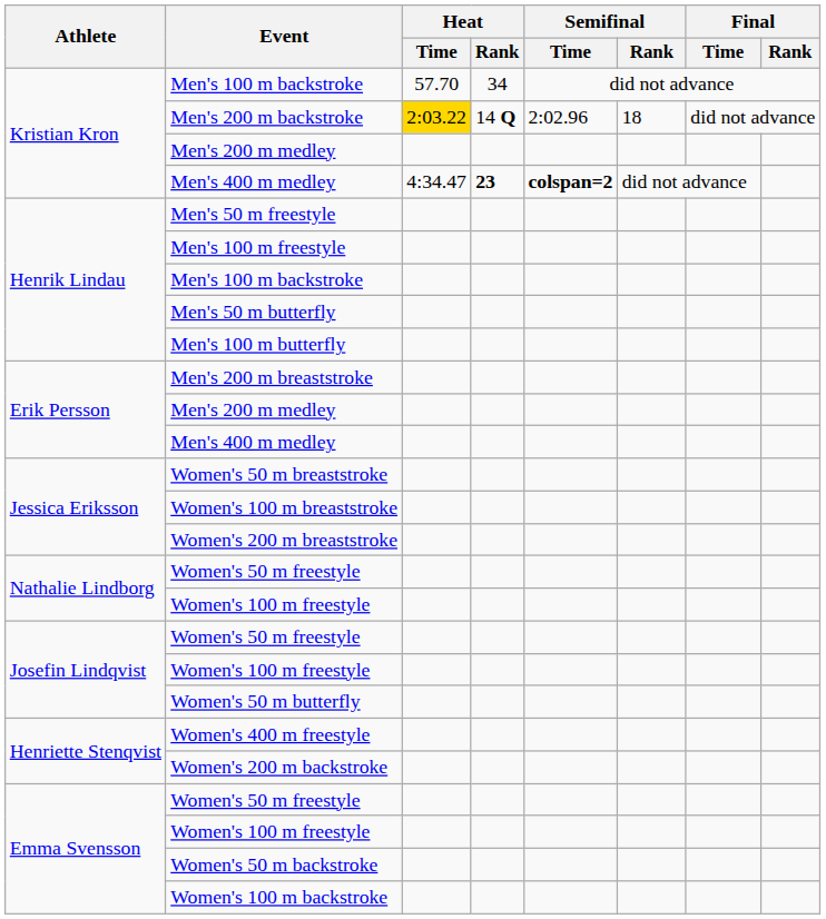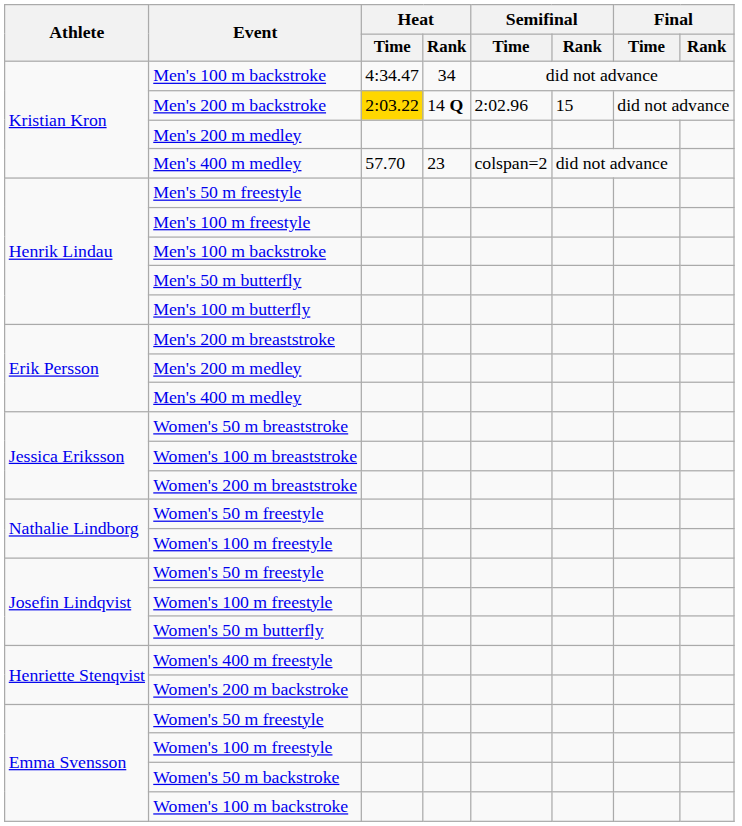 <table class=wikitable style="font-size:90%">
 <tr>
 <th rowspan=2>Athlete</th>
 <th rowspan=2>Event</th>
 <th colspan=2>Heat</th>
 <th colspan=2>Semifinal</th>
 <th colspan=2>Final</th>
 </tr>
 <tr style="font-size:95%">
 <th>Time</th>
 <th>Rank</th>
 <th>Time</th>
 <th>Rank</th>
 <th>Time</th>
 <th>Rank</th>
 </tr>
 <tr align=center>
 <td align=left rowspan=4><a href='#'>Kristian Kron</a></td>
 <td align=left><a href='#'>Men's 100 m backstroke</a></td>
-<td>57.70</td>
+<td>4:34.47</td>
 <td>34</td>
 <td colspan=4>did not advance</td>
 </tr>
 <tr>
 <td align=left><a href='#'>Men's 200 m backstroke</a></td>
 <td style="background: gold;">2:03.22</td>
 <td>14 <strong>Q</strong></td>
 <td>2:02.96</td>
-<td>18</td>
+<td>15</td>
 <td colspan=2>did not advance</td>
 </tr>
 <tr>
 <td align=left><a href='#'>Men's 200 m medley</a></td>
 <td></td>
 <td></td>
 <td></td>
 <td></td>
 <td></td>
 <td></td>
 </tr>
 <tr>
 <td align=left><a href='#'>Men's 400 m medley</a></td>
-<td>4:34.47</td>
-<td><strong>23</strong></td>
-<td><strong>colspan=2 </strong></td>
+<td>57.70</td>
+<td>23</td>
+<td>colspan=2 </td>
 <td colspan=2>did not advance</td>
 </tr>
 <tr align=center>
 <td align=left rowspan=5><a href='#'>Henrik Lindau</a></td>
 <td align=left><a href='#'>Men's 50 m freestyle</a></td>
 <td></td>
 <td></td>
 <td></td>
 <td></td>
 <td></td>
 <td></td>
 </tr>
 <tr>
 <td align=left><a href='#'>Men's 100 m freestyle</a></td>
 <td></td>
 <td></td>
 <td></td>
 <td></td>
 <td></td>
 <td></td>
 </tr>
 <tr>
 <td align=left><a href='#'>Men's 100 m backstroke</a></td>
 <td></td>
 <td></td>
 <td></td>
 <td></td>
 <td></td>
 <td></td>
 </tr>
 <tr>
 <td align=left><a href='#'>Men's 50 m butterfly</a></td>
 <td></td>
 <td></td>
 <td></td>
 <td></td>
 <td></td>
 <td></td>
 </tr>
 <tr>
 <td align=left><a href='#'>Men's 100 m butterfly</a></td>
 <td></td>
 <td></td>
 <td></td>
 <td></td>
 <td></td>
 <td></td>
 </tr>
 <tr align=center>
 <td align=left rowspan=3><a href='#'>Erik Persson</a></td>
 <td align=left><a href='#'>Men's 200 m breaststroke</a></td>
 <td></td>
 <td></td>
 <td></td>
 <td></td>
 <td></td>
 <td></td>
 </tr>
 <tr>
 <td align=left><a href='#'>Men's 200 m medley</a></td>
 <td></td>
 <td></td>
 <td></td>
 <td></td>
 <td></td>
 <td></td>
 </tr>
 <tr>
 <td align=left><a href='#'>Men's 400 m medley</a></td>
 <td></td>
 <td></td>
 <td></td>
 <td></td>
 <td></td>
 <td></td>
 </tr>
 <tr align=center>
 <td align=left rowspan=3><a href='#'>Jessica Eriksson</a></td>
 <td align=left><a href='#'>Women's 50 m breaststroke</a></td>
 <td></td>
 <td></td>
 <td></td>
 <td></td>
 <td></td>
 <td></td>
 </tr>
 <tr align=left>
 <td align=left><a href='#'>Women's 100 m breaststroke</a></td>
 <td></td>
 <td></td>
 <td></td>
 <td></td>
 <td></td>
 <td></td>
 </tr>
 <tr align=left>
 <td align=left><a href='#'>Women's 200 m breaststroke</a></td>
 <td></td>
 <td></td>
 <td></td>
 <td></td>
 <td></td>
 <td></td>
 </tr>
 <tr align=center>
 <td align=left rowspan=2><a href='#'>Nathalie Lindborg</a></td>
 <td align=left><a href='#'>Women's 50 m freestyle</a></td>
 <td></td>
 <td></td>
 <td></td>
 <td></td>
 <td></td>
 <td></td>
 </tr>
 <tr align=left>
 <td align=left><a href='#'>Women's 100 m freestyle</a></td>
 <td></td>
 <td></td>
 <td></td>
 <td></td>
 <td></td>
 <td></td>
 </tr>
 <tr align=center>
 <td align=left rowspan=3><a href='#'>Josefin Lindqvist</a></td>
 <td align=left><a href='#'>Women's 50 m freestyle</a></td>
 <td></td>
 <td></td>
 <td></td>
 <td></td>
 <td></td>
 <td></td>
 </tr>
 <tr align=left>
 <td align=left><a href='#'>Women's 100 m freestyle</a></td>
 <td></td>
 <td></td>
 <td></td>
 <td></td>
 <td></td>
 <td></td>
 </tr>
 <tr align=left>
 <td align=left><a href='#'>Women's 50 m butterfly</a></td>
 <td></td>
 <td></td>
 <td></td>
 <td></td>
 <td></td>
 <td></td>
 </tr>
 <tr align=center>
 <td align=left rowspan=2><a href='#'>Henriette Stenqvist</a></td>
 <td align=left><a href='#'>Women's 400 m freestyle</a></td>
 <td></td>
 <td></td>
 <td></td>
 <td></td>
 <td></td>
 <td></td>
 </tr>
 <tr align=left>
 <td><a href='#'>Women's 200 m backstroke</a></td>
 <td></td>
 <td></td>
 <td></td>
 <td></td>
 <td></td>
 <td></td>
 </tr>
 <tr align=center>
 <td align=left rowspan=4><a href='#'>Emma Svensson</a></td>
 <td align=left><a href='#'>Women's 50 m freestyle</a></td>
 <td></td>
 <td></td>
 <td></td>
 <td></td>
 <td></td>
 <td></td>
 </tr>
 <tr>
 <td align=left><a href='#'>Women's 100 m freestyle</a></td>
 <td></td>
 <td></td>
 <td></td>
 <td></td>
 <td></td>
 <td></td>
 </tr>
 <tr align=left>
 <td><a href='#'>Women's 50 m backstroke</a></td>
 <td></td>
 <td></td>
 <td></td>
 <td></td>
 <td></td>
 <td></td>
 </tr>
 <tr align=left>
 <td><a href='#'>Women's 100 m backstroke</a></td>
 <td></td>
 <td></td>
 <td></td>
 <td></td>
 <td></td>
 <td></td>
 </tr>
 </table>
